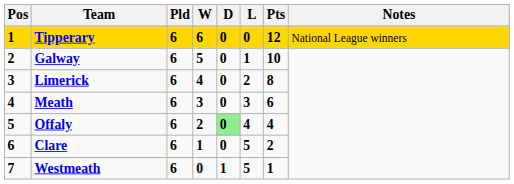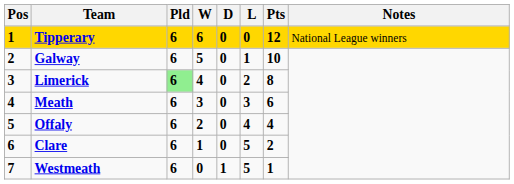 <table class="wikitable" style="text-align: centre;">
 <tr>
 <th width=20>Pos</th>
 <th width=150>Team</th>
 <th width=20>Pld</th>
 <th width=20>W</th>
 <th width=20>D</th>
 <th width=20>L</th>
 <th width=20>Pts</th>
 <th width=250>Notes</th>
 </tr>
 <tr style="background:gold;">
 <td><strong>1</strong></td>
 <td align=left><strong> <a href='#'>Tipperary</a> </strong></td>
 <td><strong>6</strong></td>
 <td><strong>6</strong></td>
 <td><strong>0</strong></td>
 <td><strong>0</strong></td>
 <td><strong>12</strong></td>
 <td><small> National League winners</small></td>
 </tr>
 <tr style>
 <td><strong>2</strong></td>
 <td align=left><strong> <a href='#'>Galway</a> </strong></td>
 <td><strong>6</strong></td>
 <td><strong>5</strong></td>
 <td><strong>0</strong></td>
 <td><strong>1</strong></td>
 <td><strong>10</strong></td>
 </tr>
 <tr>
 <td><strong>3</strong></td>
 <td align=left><strong> <a href='#'>Limerick</a> </strong></td>
-<td><strong>6</strong></td>
+<td style="background: lightgreen;"><strong>6</strong></td>
 <td><strong>4</strong></td>
 <td><strong>0</strong></td>
 <td><strong>2</strong></td>
 <td><strong>8</strong></td>
 </tr>
 <tr>
 <td><strong>4</strong></td>
 <td align=left><strong> <a href='#'>Meath</a> </strong></td>
 <td><strong>6</strong></td>
 <td><strong>3</strong></td>
 <td><strong>0</strong></td>
 <td><strong>3</strong></td>
 <td><strong>6</strong></td>
 </tr>
 <tr>
 <td><strong>5</strong></td>
 <td align=left><strong> <a href='#'>Offaly</a> </strong></td>
 <td><strong>6</strong></td>
 <td><strong>2</strong></td>
-<td style="background: lightgreen;"><strong>0</strong></td>
+<td><strong>0</strong></td>
 <td><strong>4</strong></td>
 <td><strong>4</strong></td>
 </tr>
 <tr>
 <td><strong>6</strong></td>
 <td align=left><strong> <a href='#'>Clare</a> </strong></td>
 <td><strong>6</strong></td>
 <td><strong>1</strong></td>
 <td><strong>0</strong></td>
 <td><strong>5</strong></td>
 <td><strong>2</strong></td>
 </tr>
 <tr>
 <td><strong>7</strong></td>
 <td align=left><strong> <a href='#'>Westmeath</a> </strong></td>
 <td><strong>6</strong></td>
 <td><strong>0</strong></td>
 <td><strong>1</strong></td>
 <td><strong>5</strong></td>
 <td><strong>1</strong></td>
 </tr>
 </table>
